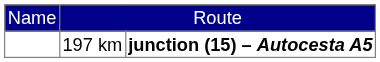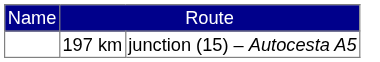 <table border=1 cellpadding=2 style="margin-left:1em; margin-bottom: 1em; color: black; border-collapse: collapse; font-size: 95%;">
 <tr align="center" bgcolor="00008B" style="color: white;">
 <td>Name</td>
 <td colspan=2>Route</td>
 </tr>
 <tr>
 <td></td>
 <td align="right">197 km</td>
-<td><strong> junction  (15) –   <em>Autocesta A5</em></strong></td>
+<td> junction  (15) –   <em>Autocesta A5</em></td>
 </tr>
 </table>
